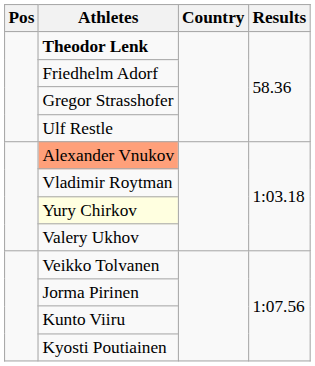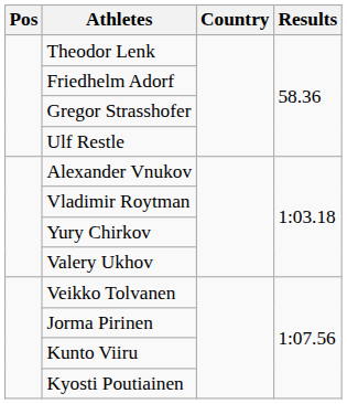 <table class="wikitable">
 <tr>
 <th>Pos</th>
 <th>Athletes</th>
 <th>Country</th>
 <th>Results</th>
 </tr>
 <tr>
 <td rowspan="4"></td>
-<td><strong>Theodor Lenk</strong></td>
+<td>Theodor Lenk</td>
 <td rowspan="4"></td>
 <td rowspan="4">58.36</td>
 </tr>
 <tr>
 <td>Friedhelm Adorf</td>
 </tr>
 <tr>
 <td>Gregor Strasshofer</td>
 </tr>
 <tr>
 <td>Ulf Restle</td>
 </tr>
 <tr>
 <td rowspan="4"></td>
-<td style="background: lightsalmon;">Alexander Vnukov</td>
+<td>Alexander Vnukov</td>
 <td rowspan="4"></td>
 <td rowspan="4">1:03.18</td>
 </tr>
 <tr>
 <td>Vladimir Roytman</td>
 </tr>
 <tr>
-<td style="background: lightyellow;">Yury Chirkov</td>
+<td>Yury Chirkov</td>
 </tr>
 <tr>
 <td>Valery Ukhov</td>
 </tr>
 <tr>
 <td rowspan="4"></td>
 <td>Veikko Tolvanen</td>
 <td rowspan="4"></td>
 <td rowspan="4">1:07.56</td>
 </tr>
 <tr>
 <td>Jorma Pirinen</td>
 </tr>
 <tr>
 <td>Kunto Viiru</td>
 </tr>
 <tr>
 <td>Kyosti Poutiainen</td>
 </tr>
 </table>
